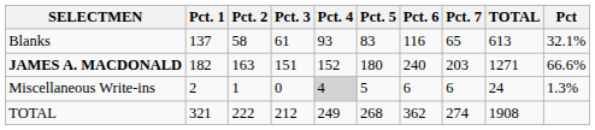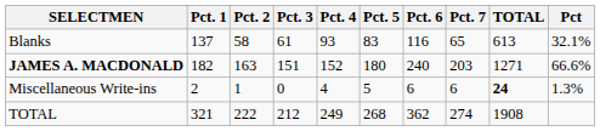 <table class="wikitable" left; margin-left:1em">
 <tr>
 <th>SELECTMEN</th>
 <th>Pct. 1</th>
 <th>Pct. 2</th>
 <th>Pct. 3</th>
 <th>Pct. 4</th>
 <th>Pct. 5</th>
 <th>Pct. 6</th>
 <th>Pct. 7</th>
 <th>TOTAL</th>
 <th>Pct</th>
 </tr>
 <tr>
 <td>Blanks</td>
 <td>137</td>
 <td>58</td>
 <td>61</td>
 <td>93</td>
 <td>83</td>
 <td>116</td>
 <td>65</td>
 <td>613</td>
 <td>32.1%</td>
 </tr>
 <tr>
 <td><strong>JAMES A. MACDONALD</strong></td>
 <td>182</td>
 <td>163</td>
 <td>151</td>
 <td>152</td>
 <td>180</td>
 <td>240</td>
 <td>203</td>
 <td>1271</td>
 <td>66.6%</td>
 </tr>
 <tr>
 <td>Miscellaneous Write-ins</td>
 <td>2</td>
 <td>1</td>
 <td>0</td>
-<td style="background: lightgrey;">4</td>
+<td>4</td>
 <td>5</td>
 <td>6</td>
 <td>6</td>
-<td>24</td>
+<td><strong>24</strong></td>
 <td>1.3%</td>
 </tr>
 <tr>
 <td>TOTAL</td>
 <td>321</td>
 <td>222</td>
 <td>212</td>
 <td>249</td>
 <td>268</td>
 <td>362</td>
 <td>274</td>
 <td>1908</td>
 </tr>
 </table>
